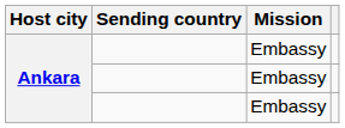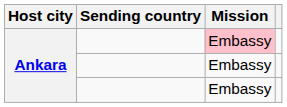 <table class="wikitable plainrowheaders">
 <tr>
 <th scope="col">Host city</th>
 <th scope="col">Sending country</th>
 <th scope="col">Mission</th>
 <th scope="col"></th>
 </tr>
 <tr>
 <th rowspan="3"><a href='#'>Ankara</a></th>
 <td></td>
-<td style="text-align:center;">Embassy</td>
+<td style="background: pink; text-align:center;">Embassy</td>
 <td style="text-align:center;"></td>
 </tr>
 <tr>
 <td></td>
 <td style="text-align:center;">Embassy</td>
 <td style="text-align:center;"></td>
 </tr>
 <tr>
 <td></td>
 <td style="text-align:center;">Embassy</td>
 <td style="text-align:center;"></td>
 </tr>
 </table>
